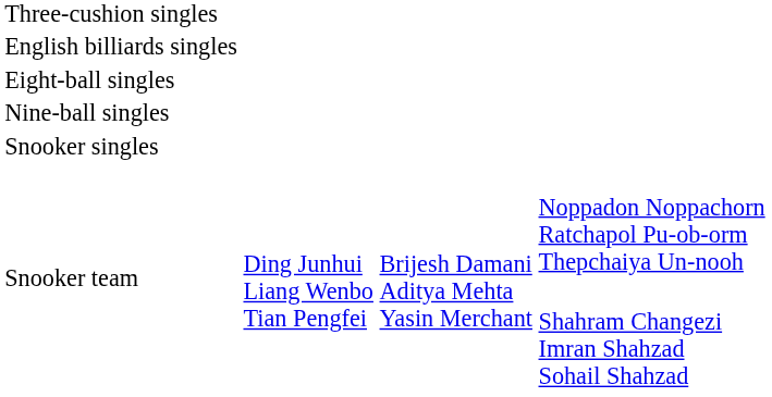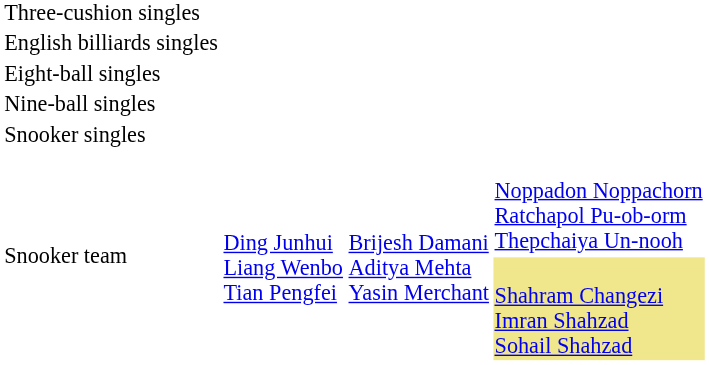 <table>
 <tr>
 <td rowspan=2>Three-cushion singles<br></td>
 <td rowspan=2></td>
 <td rowspan=2></td>
 <td></td>
 </tr>
 <tr>
 <td></td>
 </tr>
 <tr>
 <td rowspan=2>English billiards singles<br></td>
 <td rowspan=2></td>
 <td rowspan=2></td>
 <td></td>
 </tr>
 <tr>
 <td></td>
 </tr>
 <tr>
 <td rowspan=2>Eight-ball singles<br></td>
 <td rowspan=2></td>
 <td rowspan=2></td>
 <td></td>
 </tr>
 <tr>
 <td></td>
 </tr>
 <tr>
 <td rowspan=2>Nine-ball singles<br></td>
 <td rowspan=2></td>
 <td rowspan=2></td>
 <td></td>
 </tr>
 <tr>
 <td></td>
 </tr>
 <tr>
 <td rowspan=2>Snooker singles<br></td>
 <td rowspan=2></td>
 <td rowspan=2></td>
 <td></td>
 </tr>
 <tr>
 <td></td>
 </tr>
 <tr>
 <td rowspan=2>Snooker team<br></td>
 <td rowspan=2><br><a href='#'>Ding Junhui</a><br><a href='#'>Liang Wenbo</a><br><a href='#'>Tian Pengfei</a></td>
 <td rowspan=2><br><a href='#'>Brijesh Damani</a><br><a href='#'>Aditya Mehta</a><br><a href='#'>Yasin Merchant</a></td>
 <td><br><a href='#'>Noppadon Noppachorn</a><br><a href='#'>Ratchapol Pu-ob-orm</a><br><a href='#'>Thepchaiya Un-nooh</a></td>
 </tr>
 <tr>
-<td><br><a href='#'>Shahram Changezi</a><br><a href='#'>Imran Shahzad</a><br><a href='#'>Sohail Shahzad</a></td>
+<td style="background: khaki;"><br><a href='#'>Shahram Changezi</a><br><a href='#'>Imran Shahzad</a><br><a href='#'>Sohail Shahzad</a></td>
 </tr>
 </table>
